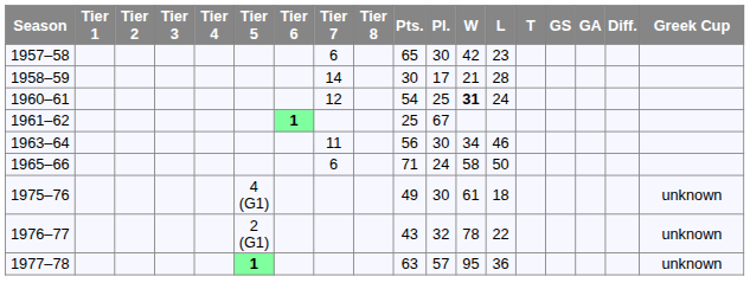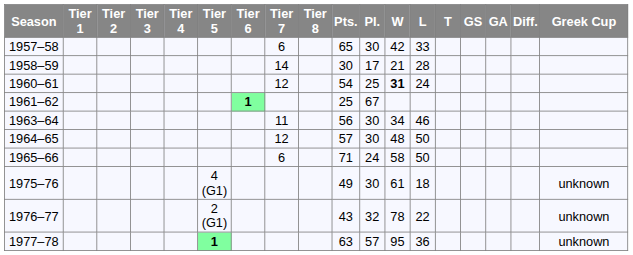 <table bgcolor="#f7f8ff" cellpadding="2" cellspacing="2" border="1" style="font-size: 95%; border: gray solid 1px; border-collapse: collapse; text-align:center">
 <tr bgcolor="#868686" style="color: #ffffff">
 <td width="65" align="center"><strong>Season</strong></td>
 <td width="35" align="center"><strong>Tier 1</strong></td>
 <td width="35" align="center"><strong>Tier 2</strong></td>
 <td width="35" align="center"><strong>Tier 3</strong></td>
 <td width="35" align="center"><strong>Tier 4</strong></td>
 <td width="35" align="center"><strong>Tier 5</strong></td>
 <td width="35" align="center"><strong>Tier 6</strong></td>
 <td width="35" align="center"><strong>Tier 7</strong></td>
 <td width="35" align="center"><strong>Tier 8</strong></td>
 <td width="25" align="center"><strong>Pts.</strong></td>
 <td width="25" align="center"><strong>Pl.</strong></td>
 <td width="25" align="center"><strong>W</strong></td>
 <td width="25" align="center"><strong>L</strong></td>
 <td width="25" align="center"><strong>T</strong></td>
 <td width="25" align="center"><strong>GS</strong></td>
 <td width="25" align="center"><strong>GA</strong></td>
 <td width="25" align="center"><strong>Diff.</strong></td>
 <td width="100" align="center"><strong>Greek Cup</strong></td>
 </tr>
 <tr>
 <td>1957–58</td>
 <td></td>
 <td></td>
 <td></td>
 <td></td>
 <td></td>
 <td></td>
 <td>6</td>
 <td></td>
 <td>65</td>
 <td>30</td>
 <td>42</td>
-<td>23</td>
+<td>33</td>
 <td></td>
 <td></td>
 <td></td>
 <td></td>
 <td></td>
 </tr>
 <tr>
 <td>1958–59</td>
 <td></td>
 <td></td>
 <td></td>
 <td></td>
 <td></td>
 <td></td>
 <td>14</td>
 <td></td>
 <td>30</td>
 <td>17</td>
 <td>21</td>
 <td>28</td>
 <td></td>
 <td></td>
 <td></td>
 <td></td>
 <td></td>
 </tr>
 <tr>
 <td>1960–61</td>
 <td></td>
 <td></td>
 <td></td>
 <td></td>
 <td></td>
 <td></td>
 <td>12</td>
 <td></td>
 <td>54</td>
 <td>25</td>
 <td><strong>31</strong></td>
 <td>24</td>
 <td></td>
 <td></td>
 <td></td>
 <td></td>
 <td></td>
 </tr>
 <tr>
 <td>1961–62</td>
 <td></td>
 <td></td>
 <td></td>
 <td></td>
 <td></td>
 <td bgcolor="#80FF9F"><strong>1</strong></td>
 <td></td>
 <td></td>
 <td>25</td>
 <td>67</td>
 <td></td>
 <td></td>
 <td></td>
 <td></td>
 <td></td>
 <td></td>
 <td></td>
 </tr>
 <tr>
 <td>1963–64</td>
 <td></td>
 <td></td>
 <td></td>
 <td></td>
 <td></td>
 <td></td>
 <td>11</td>
 <td></td>
 <td>56</td>
 <td>30</td>
 <td>34</td>
 <td>46</td>
 <td></td>
 <td></td>
 <td></td>
 <td></td>
 <td></td>
 </tr>
 <tr>
+<td>1964–65</td>
+<td></td>
+<td></td>
+<td></td>
+<td></td>
+<td></td>
+<td></td>
+<td>12</td>
+<td></td>
+<td>57</td>
+<td>30</td>
+<td>48</td>
+<td>50</td>
+<td></td>
+<td></td>
+<td></td>
+<td></td>
+<td></td>
+</tr>
+<tr>
 <td>1965–66</td>
 <td></td>
 <td></td>
 <td></td>
 <td></td>
 <td></td>
 <td></td>
 <td>6</td>
 <td></td>
 <td>71</td>
 <td>24</td>
 <td>58</td>
 <td>50</td>
 <td></td>
 <td></td>
 <td></td>
 <td></td>
 <td></td>
 </tr>
 <tr>
 <td>1975–76</td>
 <td></td>
 <td></td>
 <td></td>
 <td></td>
 <td>4 (G1)</td>
 <td></td>
 <td></td>
 <td></td>
 <td>49</td>
 <td>30</td>
 <td>61</td>
 <td>18</td>
 <td></td>
 <td></td>
 <td></td>
 <td></td>
 <td>unknown</td>
 </tr>
 <tr>
 <td>1976–77</td>
 <td></td>
 <td></td>
 <td></td>
 <td></td>
 <td>2 (G1)</td>
 <td></td>
 <td></td>
 <td></td>
 <td>43</td>
 <td>32</td>
 <td>78</td>
 <td>22</td>
 <td></td>
 <td></td>
 <td></td>
 <td></td>
 <td>unknown</td>
 </tr>
 <tr>
 <td>1977–78</td>
 <td></td>
 <td></td>
 <td></td>
 <td></td>
 <td bgcolor="#80FF9F"><strong>1</strong></td>
 <td></td>
 <td></td>
 <td></td>
 <td>63</td>
 <td>57</td>
 <td>95</td>
 <td>36</td>
 <td></td>
 <td></td>
 <td></td>
 <td></td>
 <td>unknown</td>
 </tr>
 </table>
